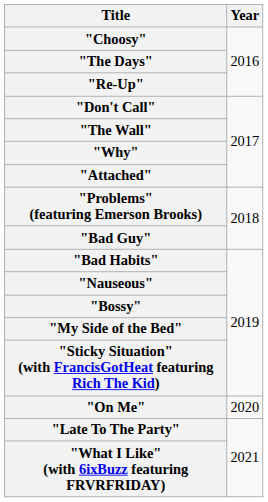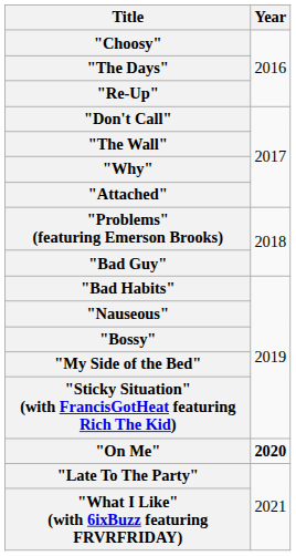 <table class="wikitable plainrowheaders" style="text-align:center;">
 <tr>
 <th scope="col" style="width:15em;">Title</th>
 <th scope="col" style="width:1em;">Year</th>
 </tr>
 <tr>
 <th scope="row">"Choosy"</th>
 <td rowspan="3">2016</td>
 </tr>
 <tr>
 <th scope="row">"The Days"</th>
 </tr>
 <tr>
 <th scope="row">"Re-Up"</th>
 </tr>
 <tr>
 <th scope="row">"Don't Call"</th>
 <td rowspan="4">2017</td>
 </tr>
 <tr>
 <th scope="row">"The Wall"</th>
 </tr>
 <tr>
 <th scope="row">"Why"</th>
 </tr>
 <tr>
 <th scope="row">"Attached"</th>
 </tr>
 <tr>
 <th scope="row">"Problems"<br><span>(featuring Emerson Brooks)</span></th>
 <td rowspan="2">2018</td>
 </tr>
 <tr>
 <th scope="row">"Bad Guy"</th>
 </tr>
 <tr>
 <th scope="row">"Bad Habits"</th>
 <td rowspan="5">2019</td>
 </tr>
 <tr>
 <th scope="row">"Nauseous"</th>
 </tr>
 <tr>
 <th scope="row">"Bossy"</th>
 </tr>
 <tr>
 <th scope="row">"My Side of the Bed"</th>
 </tr>
 <tr>
 <th scope="row">"Sticky Situation"<br><span>(with <a href='#'>FrancisGotHeat</a> featuring <a href='#'>Rich The Kid</a>)</span></th>
 </tr>
 <tr>
 <th scope="row">"On Me"</th>
-<td rowspan="1">2020</td>
+<td rowspan="1"><strong>2020</strong></td>
 </tr>
 <tr>
 <th scope="row">"Late To The Party"</th>
 <td rowspan="2">2021</td>
 </tr>
 <tr>
 <th scope="row">"What I Like"<br><span>(with <a href='#'>6ixBuzz</a> featuring FRVRFRIDAY)</span></th>
 </tr>
 </table>
